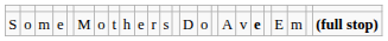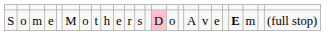 <table class="wikitable" style="text-align:center">
 <tr>
 <td></td>
 <td></td>
 <td></td>
 <td></td>
 <td></td>
 <td></td>
 <td></td>
 <td></td>
 <td></td>
 <td></td>
 <td></td>
 <td></td>
 <td></td>
 <td></td>
 <td></td>
 <td></td>
 <td></td>
 <td></td>
 <td></td>
 <td></td>
 <td></td>
 <td></td>
 <td></td>
 <td></td>
 </tr>
 <tr>
 <td>S</td>
 <td>o</td>
 <td>m</td>
 <td>e</td>
 <td></td>
 <td>M</td>
 <td>o</td>
 <td>t</td>
 <td>h</td>
 <td>e</td>
 <td>r</td>
 <td>s</td>
 <td></td>
-<td>D</td>
+<td style="background: pink;">D</td>
 <td>o</td>
 <td></td>
 <td>A</td>
 <td>v</td>
-<td><strong>e</strong></td>
+<td>e</td>
 <td></td>
-<td>E</td>
+<td><strong>E</strong></td>
 <td>m</td>
 <td></td>
-<td><strong>(full stop)</strong></td>
+<td>(full stop)</td>
 </tr>
 </table>
